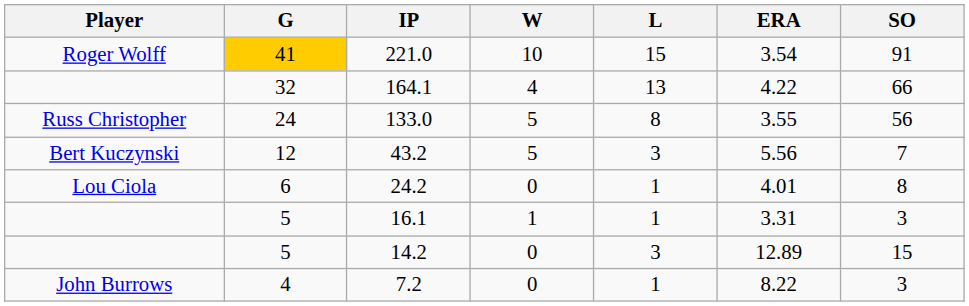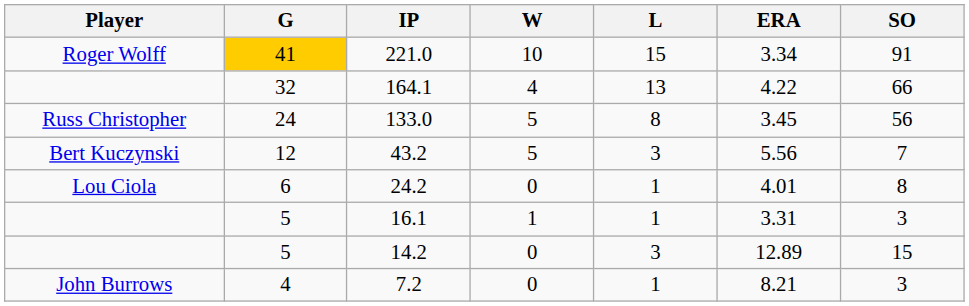 <table class="wikitable sortable">
 <tr>
 <th bgcolor="#DDDDFF" width="16%">Player</th>
 <th bgcolor="#DDDDFF" width="9%">G</th>
 <th bgcolor="#DDDDFF" width="9%">IP</th>
 <th bgcolor="#DDDDFF" width="9%">W</th>
 <th bgcolor="#DDDDFF" width="9%">L</th>
 <th bgcolor="#DDDDFF" width="9%">ERA</th>
 <th bgcolor="#DDDDFF" width="9%">SO</th>
 </tr>
 <tr align="center">
 <td><a href='#'>Roger Wolff</a></td>
 <td style="background:#fc0;">41</td>
 <td>221.0</td>
 <td>10</td>
 <td>15</td>
-<td>3.54</td>
+<td>3.34</td>
 <td>91</td>
 </tr>
 <tr align=center>
 <td></td>
 <td>32</td>
 <td>164.1</td>
 <td>4</td>
 <td>13</td>
 <td>4.22</td>
 <td>66</td>
 </tr>
 <tr align="center">
 <td><a href='#'>Russ Christopher</a></td>
 <td>24</td>
 <td>133.0</td>
 <td>5</td>
 <td>8</td>
-<td>3.55</td>
+<td>3.45</td>
 <td>56</td>
 </tr>
 <tr align=center>
 <td><a href='#'>Bert Kuczynski</a></td>
 <td>12</td>
 <td>43.2</td>
 <td>5</td>
 <td>3</td>
 <td>5.56</td>
 <td>7</td>
 </tr>
 <tr align=center>
 <td><a href='#'>Lou Ciola</a></td>
 <td>6</td>
 <td>24.2</td>
 <td>0</td>
 <td>1</td>
 <td>4.01</td>
 <td>8</td>
 </tr>
 <tr align=center>
 <td></td>
 <td>5</td>
 <td>16.1</td>
 <td>1</td>
 <td>1</td>
 <td>3.31</td>
 <td>3</td>
 </tr>
 <tr align="center">
 <td></td>
 <td>5</td>
 <td>14.2</td>
 <td>0</td>
 <td>3</td>
 <td>12.89</td>
 <td>15</td>
 </tr>
 <tr align="center">
 <td><a href='#'>John Burrows</a></td>
 <td>4</td>
 <td>7.2</td>
 <td>0</td>
 <td>1</td>
-<td>8.22</td>
+<td>8.21</td>
 <td>3</td>
 </tr>
 </table>
